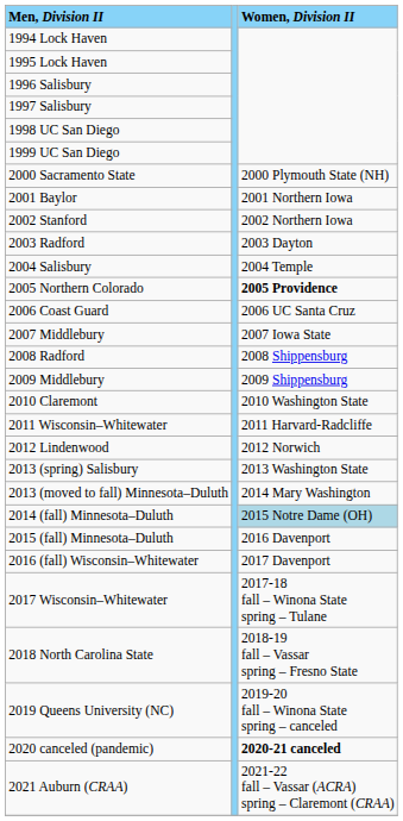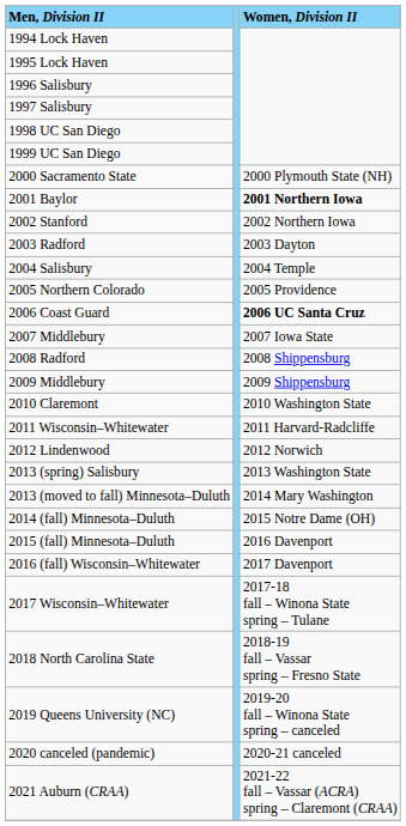 <table class="wikitable" style="font-size:85%;">
 <tr ! style="background-color: #87D3F8;">
 <td><strong>Men, <em>Division II</em> </strong></td>
 <td rowspan=30></td>
 <td><strong>Women, <em>Division II</em> </strong></td>
 </tr>
 <tr --->
 <td>1994 Lock Haven</td>
 <td rowspan=6></td>
 </tr>
 <tr --->
 <td>1995 Lock Haven</td>
 </tr>
 <tr --->
 <td>1996 Salisbury</td>
 </tr>
 <tr --->
 <td>1997 Salisbury</td>
 </tr>
 <tr --->
 <td>1998 UC San Diego</td>
 </tr>
 <tr --->
 <td>1999 UC San Diego</td>
 </tr>
 <tr --->
 <td>2000 Sacramento State</td>
 <td>2000 Plymouth State (NH)</td>
 </tr>
 <tr --->
 <td>2001 Baylor</td>
-<td>2001 Northern Iowa</td>
+<td><strong>2001 Northern Iowa</strong></td>
 </tr>
 <tr --->
 <td>2002 Stanford</td>
 <td>2002 Northern Iowa</td>
 </tr>
 <tr --->
 <td>2003 Radford</td>
 <td>2003 Dayton</td>
 </tr>
 <tr --->
 <td>2004 Salisbury</td>
 <td>2004 Temple</td>
 </tr>
 <tr --->
 <td>2005 Northern Colorado</td>
-<td><strong>2005 Providence</strong></td>
+<td>2005 Providence</td>
 </tr>
 <tr --->
 <td>2006 Coast Guard</td>
-<td>2006 UC Santa Cruz</td>
+<td><strong>2006 UC Santa Cruz</strong></td>
 </tr>
 <tr --->
 <td>2007 Middlebury</td>
 <td>2007 Iowa State</td>
 </tr>
 <tr --->
 <td>2008 Radford</td>
 <td>2008 <a href='#'>Shippensburg</a></td>
 </tr>
 <tr --->
 <td>2009 Middlebury</td>
 <td>2009 <a href='#'>Shippensburg</a></td>
 </tr>
 <tr --->
 <td>2010 Claremont</td>
 <td>2010 Washington State</td>
 </tr>
 <tr --->
 <td>2011 Wisconsin–Whitewater</td>
 <td>2011 Harvard-Radcliffe</td>
 </tr>
 <tr --->
 <td>2012 Lindenwood</td>
 <td>2012 Norwich</td>
 </tr>
 <tr --->
 <td>2013 (spring) Salisbury</td>
 <td>2013 Washington State</td>
 </tr>
 <tr --->
 <td>2013 (moved to fall) Minnesota–Duluth</td>
 <td>2014 Mary Washington</td>
 </tr>
 <tr --->
 <td>2014 (fall) Minnesota–Duluth</td>
-<td style="background: lightblue;">2015 Notre Dame (OH)</td>
+<td>2015 Notre Dame (OH)</td>
 </tr>
 <tr --->
 <td>2015 (fall) Minnesota–Duluth</td>
 <td>2016 Davenport</td>
 </tr>
 <tr --->
 <td>2016 (fall) Wisconsin–Whitewater</td>
 <td>2017 Davenport</td>
 </tr>
 <tr --->
 <td>2017 Wisconsin–Whitewater</td>
 <td>2017-18<br>fall – Winona State<br>spring – Tulane</td>
 </tr>
 <tr --->
 <td>2018 North Carolina State</td>
 <td>2018-19<br>fall – Vassar<br>spring – Fresno State</td>
 </tr>
 <tr --->
 <td>2019 Queens University (NC)</td>
 <td>2019-20<br>fall – Winona State<br>spring – canceled</td>
 </tr>
 <tr --->
 <td>2020 canceled (pandemic)</td>
-<td><strong>2020-21 canceled</strong></td>
+<td>2020-21 canceled</td>
 </tr>
 <tr --->
 <td>2021 Auburn (<em>CRAA</em>)</td>
 <td>2021-22<br>fall – Vassar (<em>ACRA</em>)<br>spring – Claremont (<em>CRAA</em>)</td>
 </tr>
 <tr --->
 </tr>
 </table>
